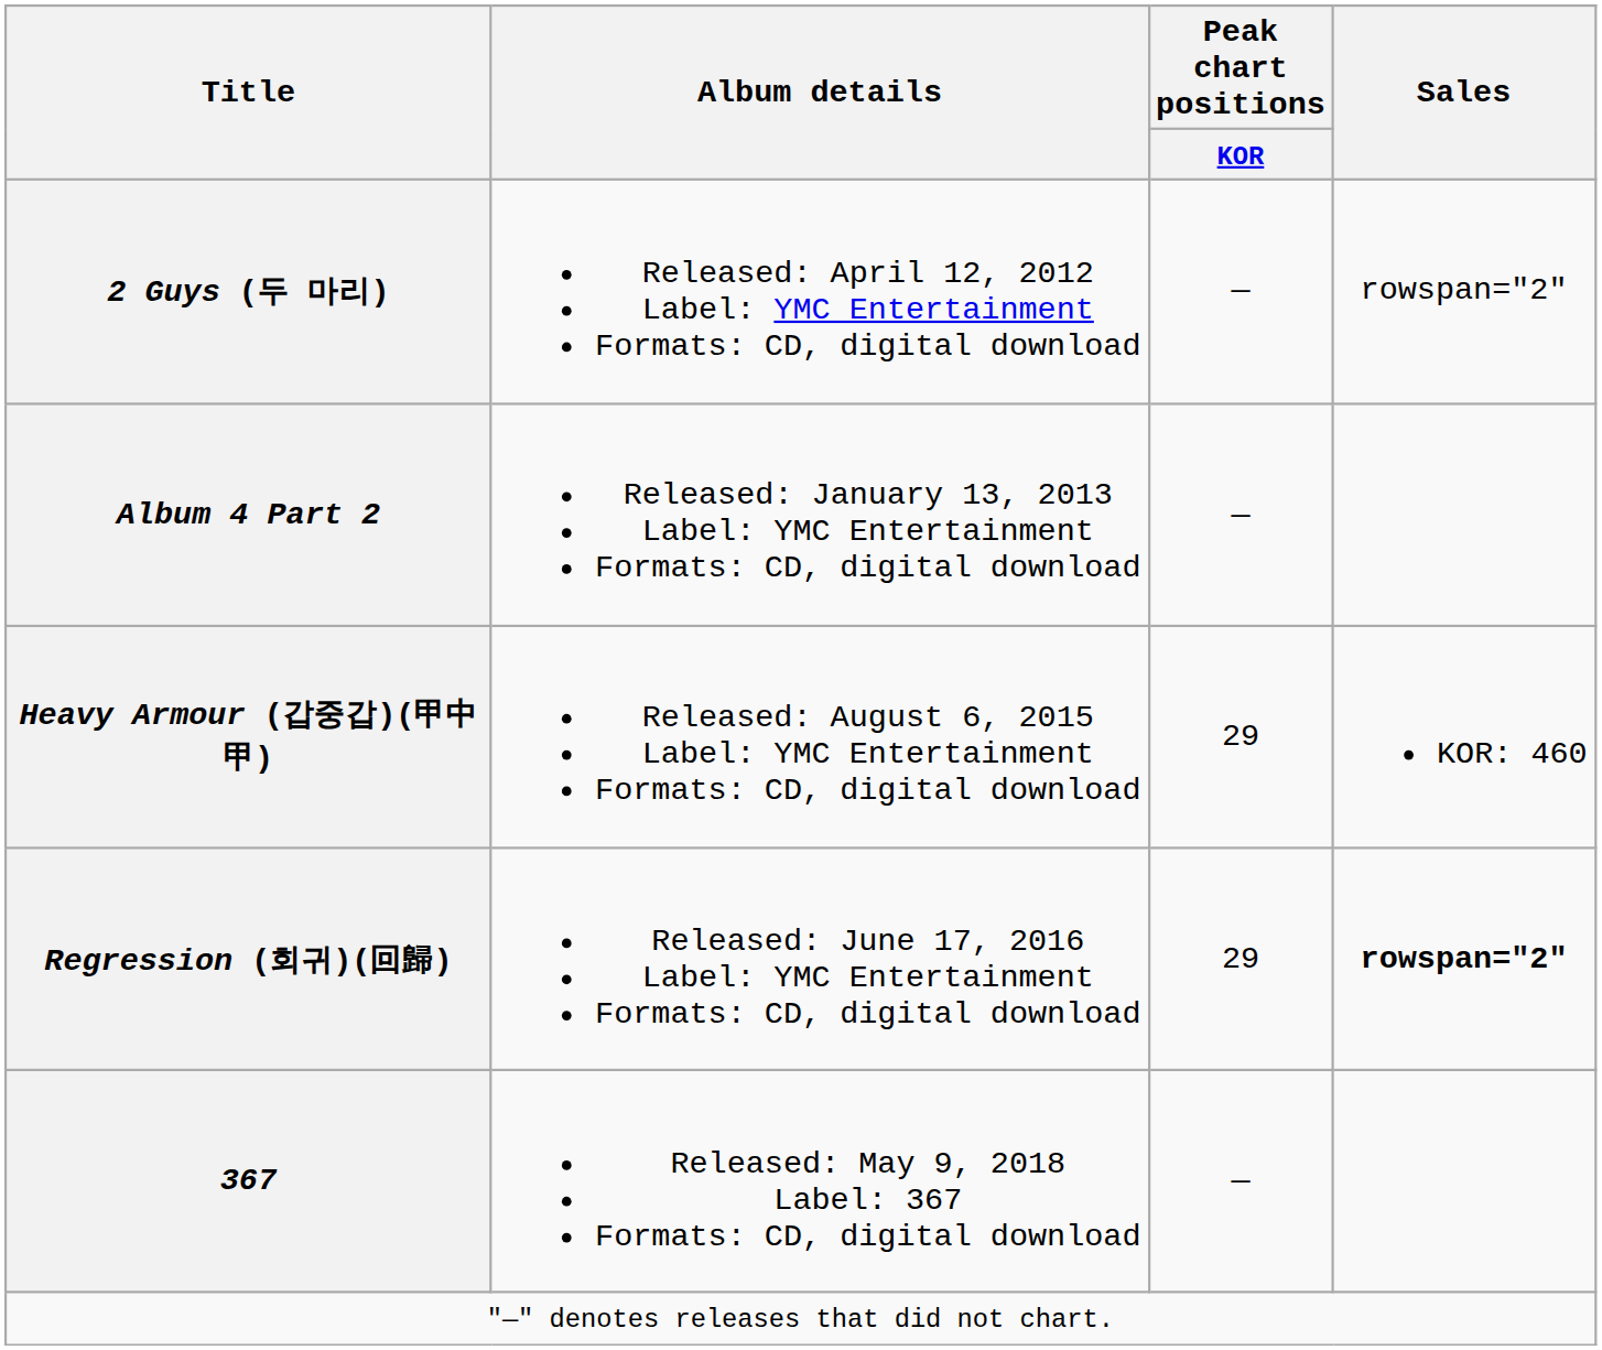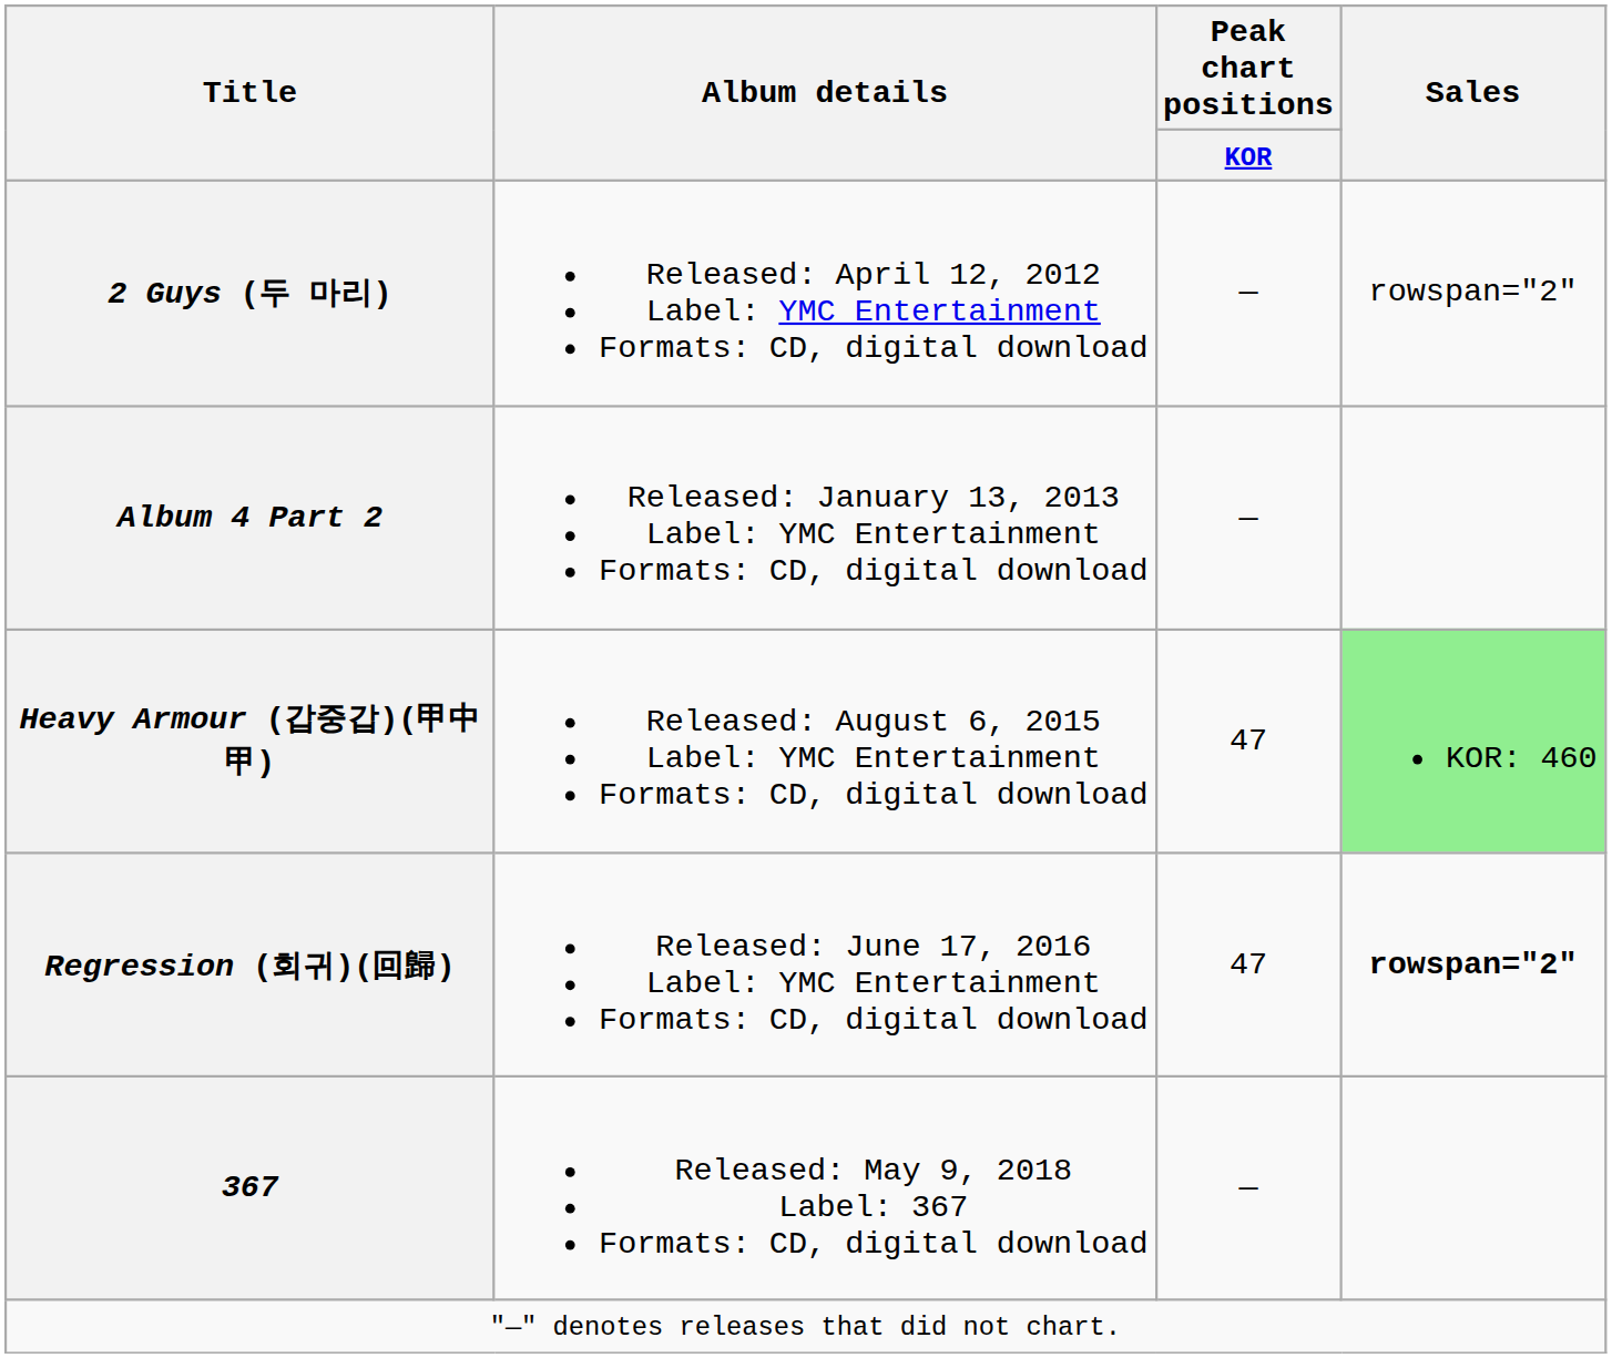 <table class="wikitable plainrowheaders" style="text-align:center;">
 <tr>
 <th scope="col" rowspan="2" style="width:15em;">Title</th>
 <th scope="col" rowspan="2">Album details</th>
 <th scope="col" colspan="1" style="width:5em;">Peak chart positions</th>
 <th scope="col" rowspan="2">Sales</th>
 </tr>
 <tr>
 <th><small><a href='#'>KOR</a></small><br></th>
 </tr>
 <tr>
 <th scope="row"><em>2 Guys</em> (두 마리)</th>
 <td><br><ul><li>Released: April 12, 2012</li><li>Label: <a href='#'>YMC Entertainment</a></li><li>Formats: CD, digital download</li></ul></td>
 <td>—</td>
 <td>rowspan="2" </td>
 </tr>
 <tr>
 <th scope="row"><em>Album 4 Part 2</em></th>
 <td><br><ul><li>Released: January 13, 2013</li><li>Label: YMC Entertainment</li><li>Formats: CD, digital download</li></ul></td>
 <td>—</td>
 </tr>
 <tr>
 <th scope="row"><em>Heavy Armour</em> (갑중갑)(甲中甲)</th>
 <td><br><ul><li>Released: August 6, 2015</li><li>Label: YMC Entertainment</li><li>Formats: CD, digital download</li></ul></td>
-<td>29</td>
-<td><br><ul><li>KOR: 460</li></ul></td>
+<td>47</td>
+<td style="background: lightgreen;"><br><ul><li>KOR: 460</li></ul></td>
 </tr>
 <tr>
 <th scope="row"><em>Regression</em> (회귀)(回歸)</th>
 <td><br><ul><li>Released: June 17, 2016</li><li>Label: YMC Entertainment</li><li>Formats: CD, digital download</li></ul></td>
-<td>29</td>
+<td>47</td>
 <td><strong>rowspan="2" </strong></td>
 </tr>
 <tr>
 <th scope="row"><em>367</em></th>
 <td><br><ul><li>Released: May 9, 2018</li><li>Label: 367</li><li>Formats: CD, digital download</li></ul></td>
 <td>—</td>
 </tr>
 <tr>
 <td colspan="5" align="center"><small>"—" denotes releases that did not chart.</small></td>
 </tr>
 </table>
